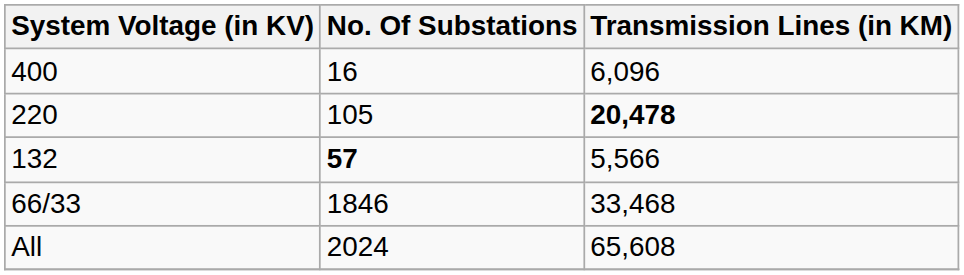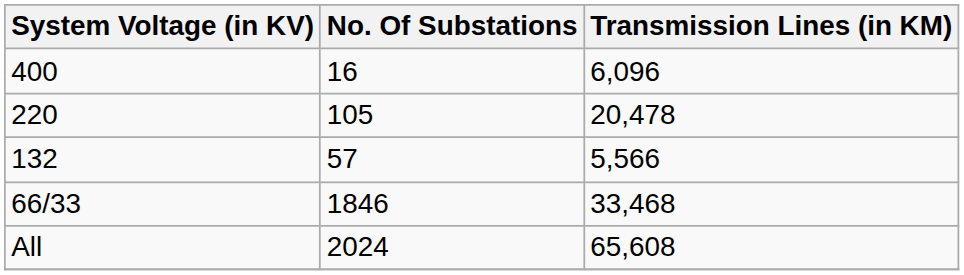 <table class="wikitable" border="1">
 <tr>
 <th>System Voltage (in KV)</th>
 <th>No. Of Substations</th>
 <th>Transmission Lines (in KM)</th>
 </tr>
 <tr>
 <td>400</td>
 <td>16</td>
 <td>6,096</td>
 </tr>
 <tr>
 <td>220</td>
 <td>105</td>
-<td><strong>20,478</strong></td>
+<td>20,478</td>
 </tr>
 <tr>
 <td>132</td>
-<td><strong>57</strong></td>
+<td>57</td>
 <td>5,566</td>
 </tr>
 <tr>
 <td>66/33</td>
 <td>1846</td>
 <td>33,468</td>
 </tr>
 <tr>
 <td>All</td>
 <td>2024</td>
 <td>65,608</td>
 </tr>
 <tr>
 </tr>
 </table>
